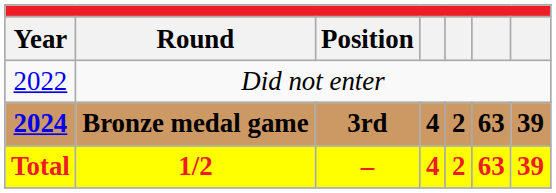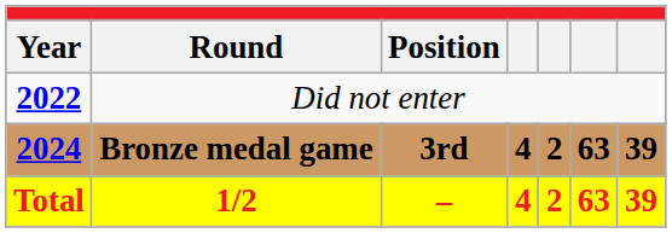 <table class="wikitable" style="text-align: center;">
 <tr>
 <th style="background:#EE1C25;" colspan="7"><a href='#'></a></th>
 </tr>
 <tr>
 <th>Year</th>
 <th>Round</th>
 <th>Position</th>
 <th></th>
 <th></th>
 <th></th>
 <th></th>
 </tr>
 <tr>
-<td> <a href='#'>2022</a></td>
+<td><strong> <a href='#'>2022</a></strong></td>
 <td colspan=6><em>Did not enter</em></td>
 </tr>
 <tr style="background:#CC9965;">
 <td><strong> <a href='#'>2024</a></strong></td>
 <td><strong>Bronze medal game</strong></td>
 <td><strong>3rd</strong></td>
 <td><strong>4</strong></td>
 <td><strong>2</strong></td>
 <td><strong>63</strong></td>
 <td><strong>39</strong></td>
 </tr>
 <tr>
 <th style="color:#EE1C25; background:#FFFF00;">Total</th>
 <th style="color:#EE1C25; background:#FFFF00;">1/2</th>
 <th style="color:#EE1C25; background:#FFFF00;">–</th>
 <th style="color:#EE1C25; background:#FFFF00;">4</th>
 <th style="color:#EE1C25; background:#FFFF00;">2</th>
 <th style="color:#EE1C25; background:#FFFF00;">63</th>
 <th style="color:#EE1C25; background:#FFFF00;">39</th>
 </tr>
 </table>
